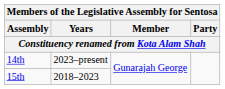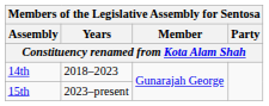 <table class="wikitable">
 <tr>
 <th colspan="4">Members of the Legislative Assembly for Sentosa</th>
 </tr>
 <tr>
 <th>Assembly</th>
 <th>Years</th>
 <th>Member</th>
 <th>Party</th>
 </tr>
 <tr>
 <th colspan="4" align="center"><em>Constituency renamed from <a href='#'>Kota Alam Shah</a></em></th>
 </tr>
 <tr>
 <td><a href='#'>14th</a></td>
-<td>2023–present</td>
+<td>2018–2023</td>
 <td rowspan="2"><a href='#'>Gunarajah George</a></td>
 <td rowspan="2"></td>
 </tr>
 <tr>
 <td><a href='#'>15th</a></td>
-<td>2018–2023</td>
+<td>2023–present</td>
 </tr>
 </table>
